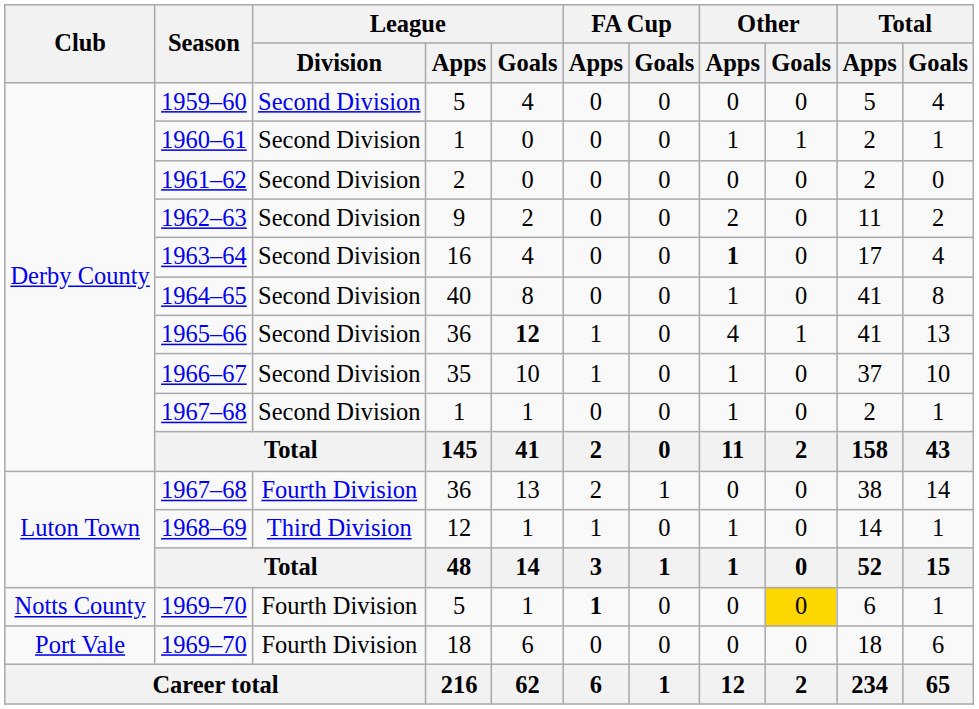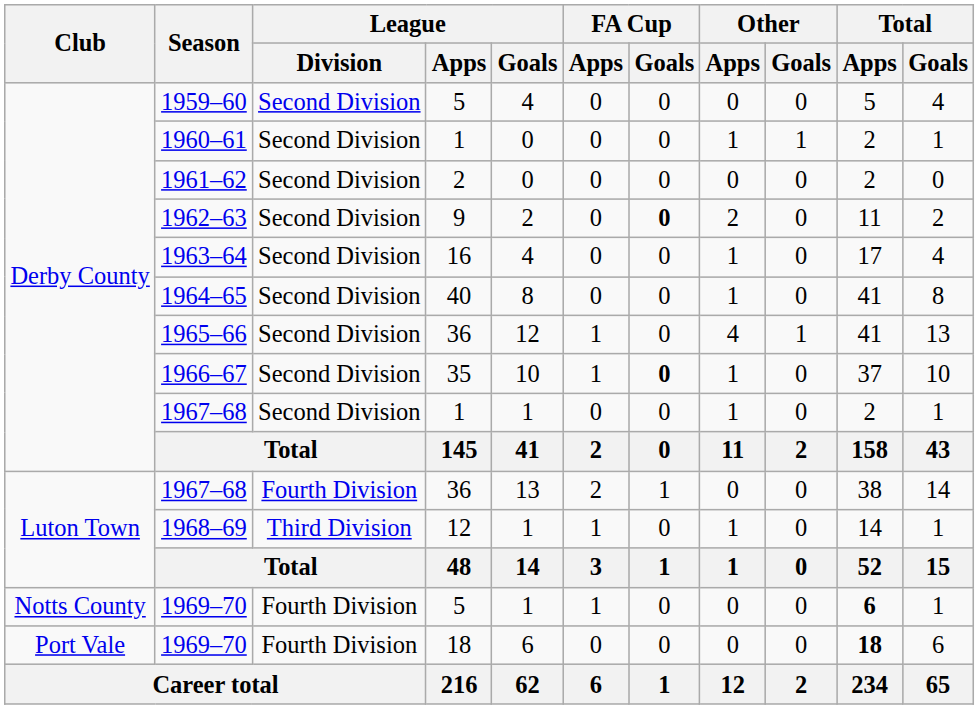 <table class="wikitable" style="text-align: center;">
 <tr>
 <th rowspan="2">Club</th>
 <th rowspan="2">Season</th>
 <th colspan="3">League</th>
 <th colspan="2">FA Cup</th>
 <th colspan="2">Other</th>
 <th colspan="2">Total</th>
 </tr>
 <tr>
 <th>Division</th>
 <th>Apps</th>
 <th>Goals</th>
 <th>Apps</th>
 <th>Goals</th>
 <th>Apps</th>
 <th>Goals</th>
 <th>Apps</th>
 <th>Goals</th>
 </tr>
 <tr>
 <td rowspan="10"><a href='#'>Derby County</a></td>
 <td><a href='#'>1959–60</a></td>
 <td><a href='#'>Second Division</a></td>
 <td>5</td>
 <td>4</td>
 <td>0</td>
 <td>0</td>
 <td>0</td>
 <td>0</td>
 <td>5</td>
 <td>4</td>
 </tr>
 <tr>
 <td><a href='#'>1960–61</a></td>
 <td>Second Division</td>
 <td>1</td>
 <td>0</td>
 <td>0</td>
 <td>0</td>
 <td>1</td>
 <td>1</td>
 <td>2</td>
 <td>1</td>
 </tr>
 <tr>
 <td><a href='#'>1961–62</a></td>
 <td>Second Division</td>
 <td>2</td>
 <td>0</td>
 <td>0</td>
 <td>0</td>
 <td>0</td>
 <td>0</td>
 <td>2</td>
 <td>0</td>
 </tr>
 <tr>
 <td><a href='#'>1962–63</a></td>
 <td>Second Division</td>
 <td>9</td>
 <td>2</td>
 <td>0</td>
-<td>0</td>
+<td><strong>0</strong></td>
 <td>2</td>
 <td>0</td>
 <td>11</td>
 <td>2</td>
 </tr>
 <tr>
 <td><a href='#'>1963–64</a></td>
 <td>Second Division</td>
 <td>16</td>
 <td>4</td>
 <td>0</td>
 <td>0</td>
-<td><strong>1</strong></td>
+<td>1</td>
 <td>0</td>
 <td>17</td>
 <td>4</td>
 </tr>
 <tr>
 <td><a href='#'>1964–65</a></td>
 <td>Second Division</td>
 <td>40</td>
 <td>8</td>
 <td>0</td>
 <td>0</td>
 <td>1</td>
 <td>0</td>
 <td>41</td>
 <td>8</td>
 </tr>
 <tr>
 <td><a href='#'>1965–66</a></td>
 <td>Second Division</td>
 <td>36</td>
-<td><strong>12</strong></td>
+<td>12</td>
 <td>1</td>
 <td>0</td>
 <td>4</td>
 <td>1</td>
 <td>41</td>
 <td>13</td>
 </tr>
 <tr>
 <td><a href='#'>1966–67</a></td>
 <td>Second Division</td>
 <td>35</td>
 <td>10</td>
 <td>1</td>
-<td>0</td>
+<td><strong>0</strong></td>
 <td>1</td>
 <td>0</td>
 <td>37</td>
 <td>10</td>
 </tr>
 <tr>
 <td><a href='#'>1967–68</a></td>
 <td>Second Division</td>
 <td>1</td>
 <td>1</td>
 <td>0</td>
 <td>0</td>
 <td>1</td>
 <td>0</td>
 <td>2</td>
 <td>1</td>
 </tr>
 <tr>
 <th colspan="2">Total</th>
 <th>145</th>
 <th>41</th>
 <th>2</th>
 <th>0</th>
 <th>11</th>
 <th>2</th>
 <th>158</th>
 <th>43</th>
 </tr>
 <tr>
 <td rowspan="3"><a href='#'>Luton Town</a></td>
 <td><a href='#'>1967–68</a></td>
 <td><a href='#'>Fourth Division</a></td>
 <td>36</td>
 <td>13</td>
 <td>2</td>
 <td>1</td>
 <td>0</td>
 <td>0</td>
 <td>38</td>
 <td>14</td>
 </tr>
 <tr>
 <td><a href='#'>1968–69</a></td>
 <td><a href='#'>Third Division</a></td>
 <td>12</td>
 <td>1</td>
 <td>1</td>
 <td>0</td>
 <td>1</td>
 <td>0</td>
 <td>14</td>
 <td>1</td>
 </tr>
 <tr>
 <th colspan="2">Total</th>
 <th>48</th>
 <th>14</th>
 <th>3</th>
 <th>1</th>
 <th>1</th>
 <th>0</th>
 <th>52</th>
 <th>15</th>
 </tr>
 <tr>
 <td><a href='#'>Notts County</a></td>
 <td><a href='#'>1969–70</a></td>
 <td>Fourth Division</td>
 <td>5</td>
 <td>1</td>
-<td><strong>1</strong></td>
+<td>1</td>
 <td>0</td>
 <td>0</td>
-<td style="background: gold;">0</td>
-<td>6</td>
+<td>0</td>
+<td><strong>6</strong></td>
 <td>1</td>
 </tr>
 <tr>
 <td><a href='#'>Port Vale</a></td>
 <td><a href='#'>1969–70</a></td>
 <td>Fourth Division</td>
 <td>18</td>
 <td>6</td>
 <td>0</td>
 <td>0</td>
 <td>0</td>
 <td>0</td>
-<td>18</td>
+<td><strong>18</strong></td>
 <td>6</td>
 </tr>
 <tr>
 <th colspan="3">Career total</th>
 <th>216</th>
 <th>62</th>
 <th>6</th>
 <th>1</th>
 <th>12</th>
 <th>2</th>
 <th>234</th>
 <th>65</th>
 </tr>
 </table>
